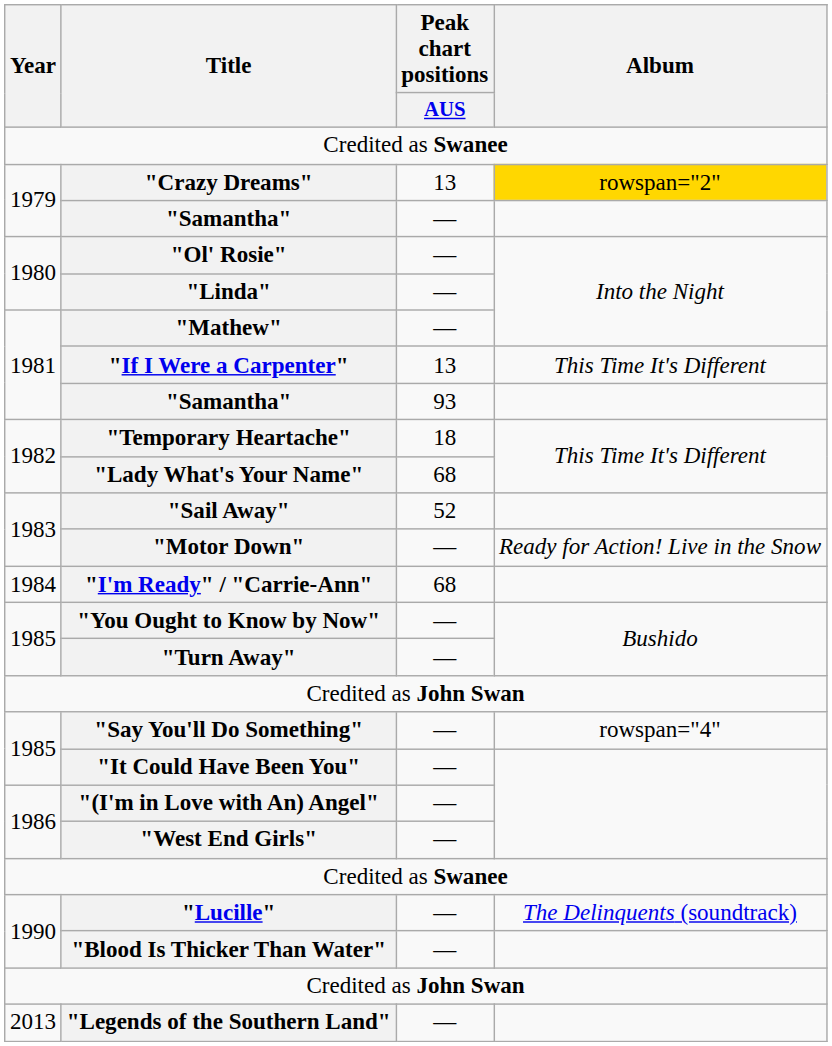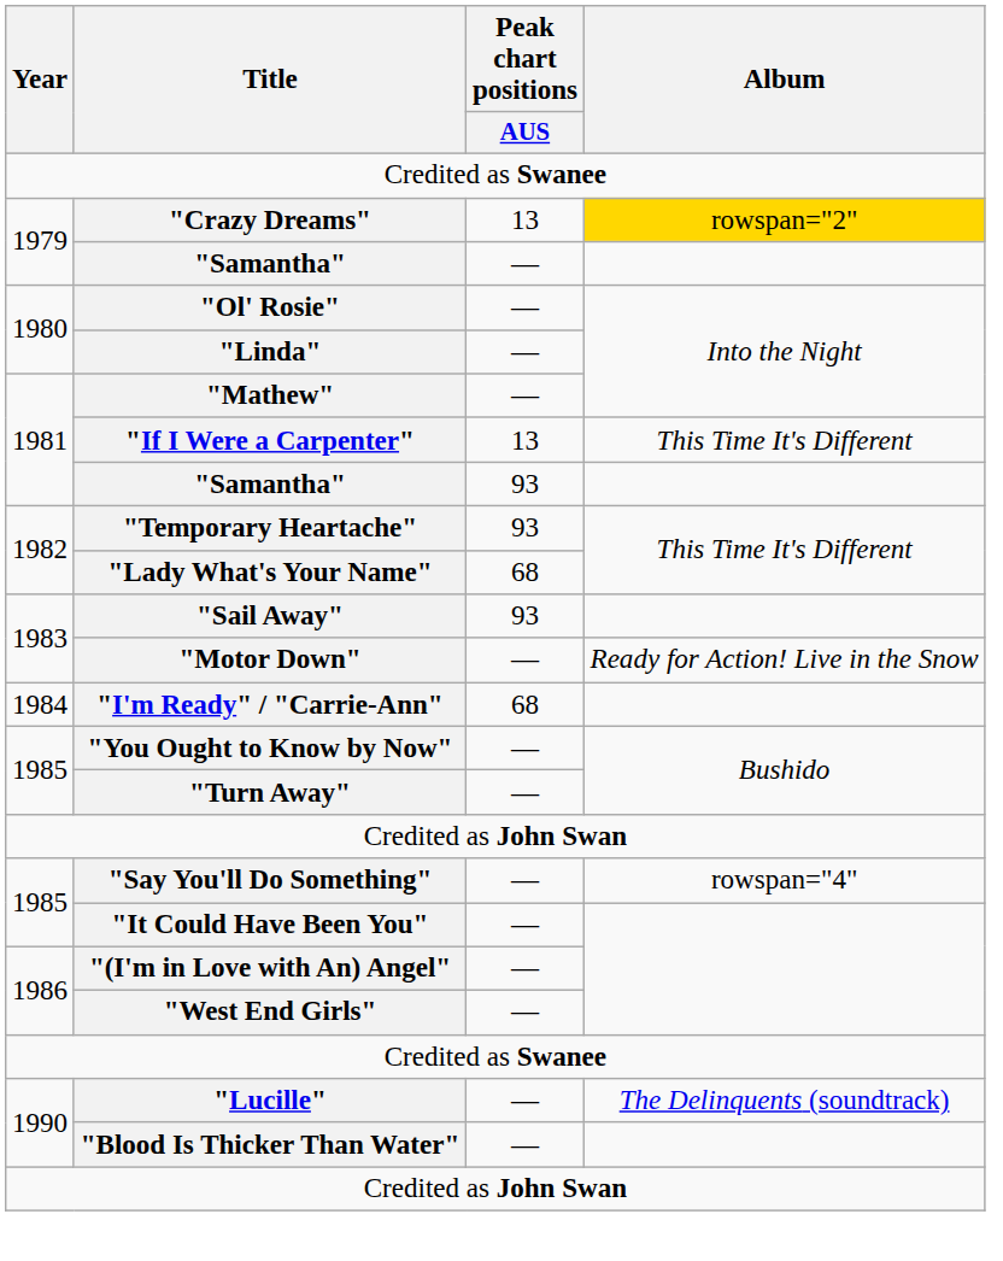 <table class="wikitable plainrowheaders" style="text-align:center;" border="1">
 <tr>
 <th scope="col" rowspan="2">Year</th>
 <th scope="col" rowspan="2">Title</th>
 <th scope="col" colspan="1">Peak chart<br>positions</th>
 <th scope="col" rowspan="2">Album</th>
 </tr>
 <tr>
 <th scope="col" style="width:3em; font-size:90%"><a href='#'>AUS</a><br></th>
 </tr>
 <tr>
 <td colspan=4>Credited as <strong>Swanee</strong></td>
 </tr>
 <tr>
 <td rowspan="2">1979</td>
 <th scope="row">"Crazy Dreams"</th>
 <td>13</td>
 <td style="background: gold;">rowspan="2" </td>
 </tr>
 <tr>
 <th scope="row">"Samantha"</th>
 <td>—</td>
 </tr>
 <tr>
 <td rowspan="2">1980</td>
 <th scope="row">"Ol' Rosie"</th>
 <td>—</td>
 <td rowspan="3"><em>Into the Night</em></td>
 </tr>
 <tr>
 <th scope="row">"Linda"</th>
 <td>—</td>
 </tr>
 <tr>
 <td rowspan="3">1981</td>
 <th scope="row">"Mathew"</th>
 <td>—</td>
 </tr>
 <tr>
 <th scope="row">"<a href='#'>If I Were a Carpenter</a>"</th>
 <td>13</td>
 <td><em>This Time It's Different</em></td>
 </tr>
 <tr>
 <th scope="row">"Samantha" </th>
 <td>93</td>
 <td></td>
 </tr>
 <tr>
 <td rowspan="2">1982</td>
 <th scope="row">"Temporary Heartache"</th>
-<td>18</td>
+<td>93</td>
 <td rowspan="2"><em>This Time It's Different</em></td>
 </tr>
 <tr>
 <th scope="row">"Lady What's Your Name"</th>
 <td>68</td>
 </tr>
 <tr>
 <td rowspan="2">1983</td>
 <th scope="row">"Sail Away"</th>
-<td>52</td>
+<td>93</td>
 <td></td>
 </tr>
 <tr>
 <th scope="row">"Motor Down"</th>
 <td>—</td>
 <td><em>Ready for Action! Live in the Snow</em></td>
 </tr>
 <tr>
 <td>1984</td>
 <th scope="row">"<a href='#'>I'm Ready</a>" / "Carrie-Ann"</th>
 <td>68</td>
 <td></td>
 </tr>
 <tr>
 <td rowspan="2">1985</td>
 <th scope="row">"You Ought to Know by Now"</th>
 <td>—</td>
 <td rowspan="2"><em>Bushido</em></td>
 </tr>
 <tr>
 <th scope="row">"Turn Away"</th>
 <td>—</td>
 </tr>
 <tr>
 <td colspan=4>Credited as <strong>John Swan</strong></td>
 </tr>
 <tr>
 <td rowspan="2">1985</td>
 <th scope="row">"Say You'll Do Something"</th>
 <td>—</td>
 <td>rowspan="4" </td>
 </tr>
 <tr>
 <th scope="row">"It Could Have Been You"</th>
 <td>—</td>
 </tr>
 <tr>
 <td rowspan="2">1986</td>
 <th scope="row">"(I'm in Love with An) Angel"</th>
 <td>—</td>
 </tr>
 <tr>
 <th scope="row">"West End Girls"</th>
 <td>—</td>
 </tr>
 <tr>
 <td colspan=4>Credited as <strong>Swanee</strong></td>
 </tr>
 <tr>
 <td rowspan="2">1990</td>
 <th scope="row">"<a href='#'>Lucille</a>"</th>
 <td>—</td>
 <td><a href='#'><em>The Delinquents</em> (soundtrack)</a></td>
 </tr>
 <tr>
 <th scope="row">"Blood Is Thicker Than Water"</th>
 <td>—</td>
 <td></td>
 </tr>
 <tr>
 <td colspan=4>Credited as <strong>John Swan</strong></td>
 </tr>
-<tr>
-<td>2013</td>
-<th scope="row">"Legends of the Southern Land" <br> </th>
-<td>—</td>
-<td></td>
-</tr>
 </table>
